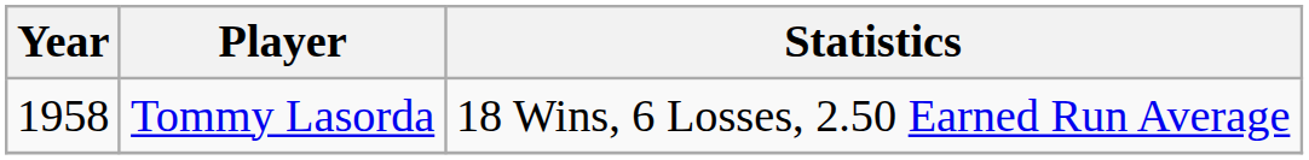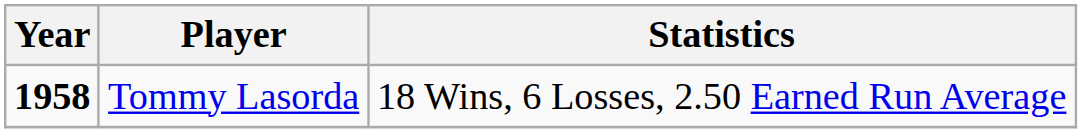 <table class="wikitable">
 <tr>
 <th>Year</th>
 <th>Player</th>
 <th>Statistics</th>
 </tr>
 <tr>
-<td>1958</td>
+<td><strong>1958</strong></td>
 <td><a href='#'>Tommy Lasorda</a></td>
 <td>18 Wins, 6 Losses, 2.50 <a href='#'>Earned Run Average</a></td>
 </tr>
 <tr>
 </tr>
 </table>
